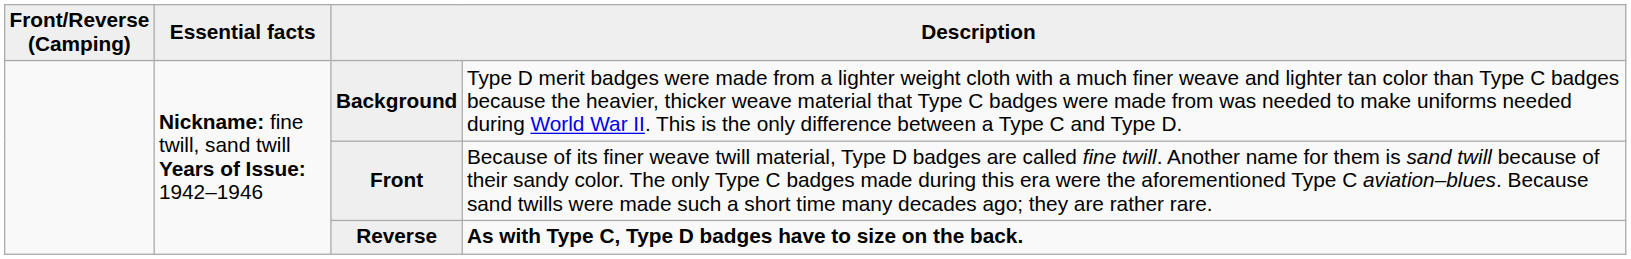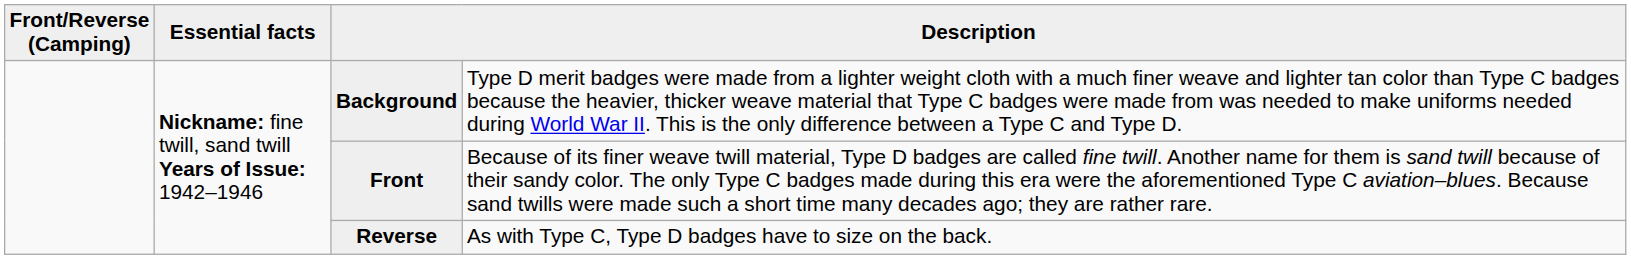 <table class="wikitable">
 <tr>
 <th style="background:#efefef;">Front/Reverse<br>(Camping)</th>
 <th style="background:#efefef;">Essential facts</th>
 <th style="background:#efefef;" colspan=2>Description</th>
 </tr>
 <tr>
 <td rowspan=3></td>
 <td rowspan=3><strong>Nickname:</strong> fine twill, sand twill <br> <strong>Years of Issue:</strong> <br>1942–1946</td>
 <th style="background:#efefef;">Background</th>
 <td>Type D merit badges were made from a lighter weight cloth with a much finer weave and lighter tan color than Type C badges because the heavier, thicker weave material that Type C badges were made from was needed to make uniforms needed during <a href='#'>World War II</a>. This is the only difference between a Type C and Type D.</td>
 </tr>
 <tr>
 <th style="background:#efefef;">Front</th>
 <td>Because of its finer weave twill material, Type D badges are called <em>fine twill</em>. Another name for them is <em>sand twill</em> because of their sandy color. The only Type C badges made during this era were the aforementioned Type C <em>aviation–blues</em>. Because sand twills were made such a short time many decades ago; they are rather rare.</td>
 </tr>
 <tr>
 <th style="background:#efefef;">Reverse</th>
-<td><strong>As with Type C, Type D badges have to size on the back.</strong></td>
+<td>As with Type C, Type D badges have to size on the back.</td>
 </tr>
 </table>
